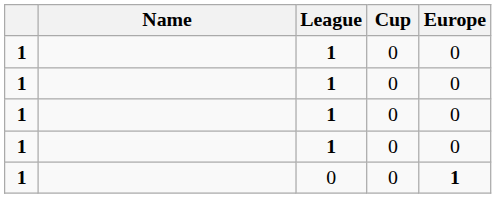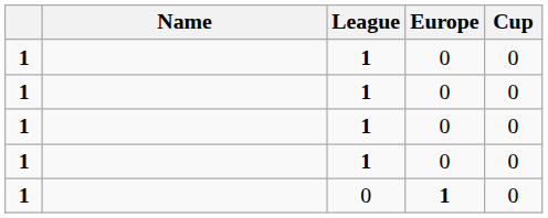 <table class="wikitable sortable" style="text-align:center">
 <tr>
 <th width="20"></th>
 <th width="200">Name</th>
 <th width="35">League</th>
+<th width="35">Europe</th>
 <th width="35">Cup</th>
-<th width="35">Europe</th>
 </tr>
 <tr>
 <td><strong>1</strong></td>
 <td></td>
 <td><strong>1</strong></td>
 <td>0</td>
 <td>0</td>
 </tr>
 <tr>
 <td><strong>1</strong></td>
 <td></td>
 <td><strong>1</strong></td>
 <td>0</td>
 <td>0</td>
 </tr>
 <tr>
 <td><strong>1</strong></td>
 <td></td>
 <td><strong>1</strong></td>
 <td>0</td>
 <td>0</td>
 </tr>
 <tr>
 <td><strong>1</strong></td>
 <td></td>
 <td><strong>1</strong></td>
 <td>0</td>
 <td>0</td>
 </tr>
 <tr>
 <td><strong>1</strong></td>
 <td></td>
 <td>0</td>
+<td><strong>1</strong></td>
 <td>0</td>
-<td><strong>1</strong></td>
 </tr>
 </table>
